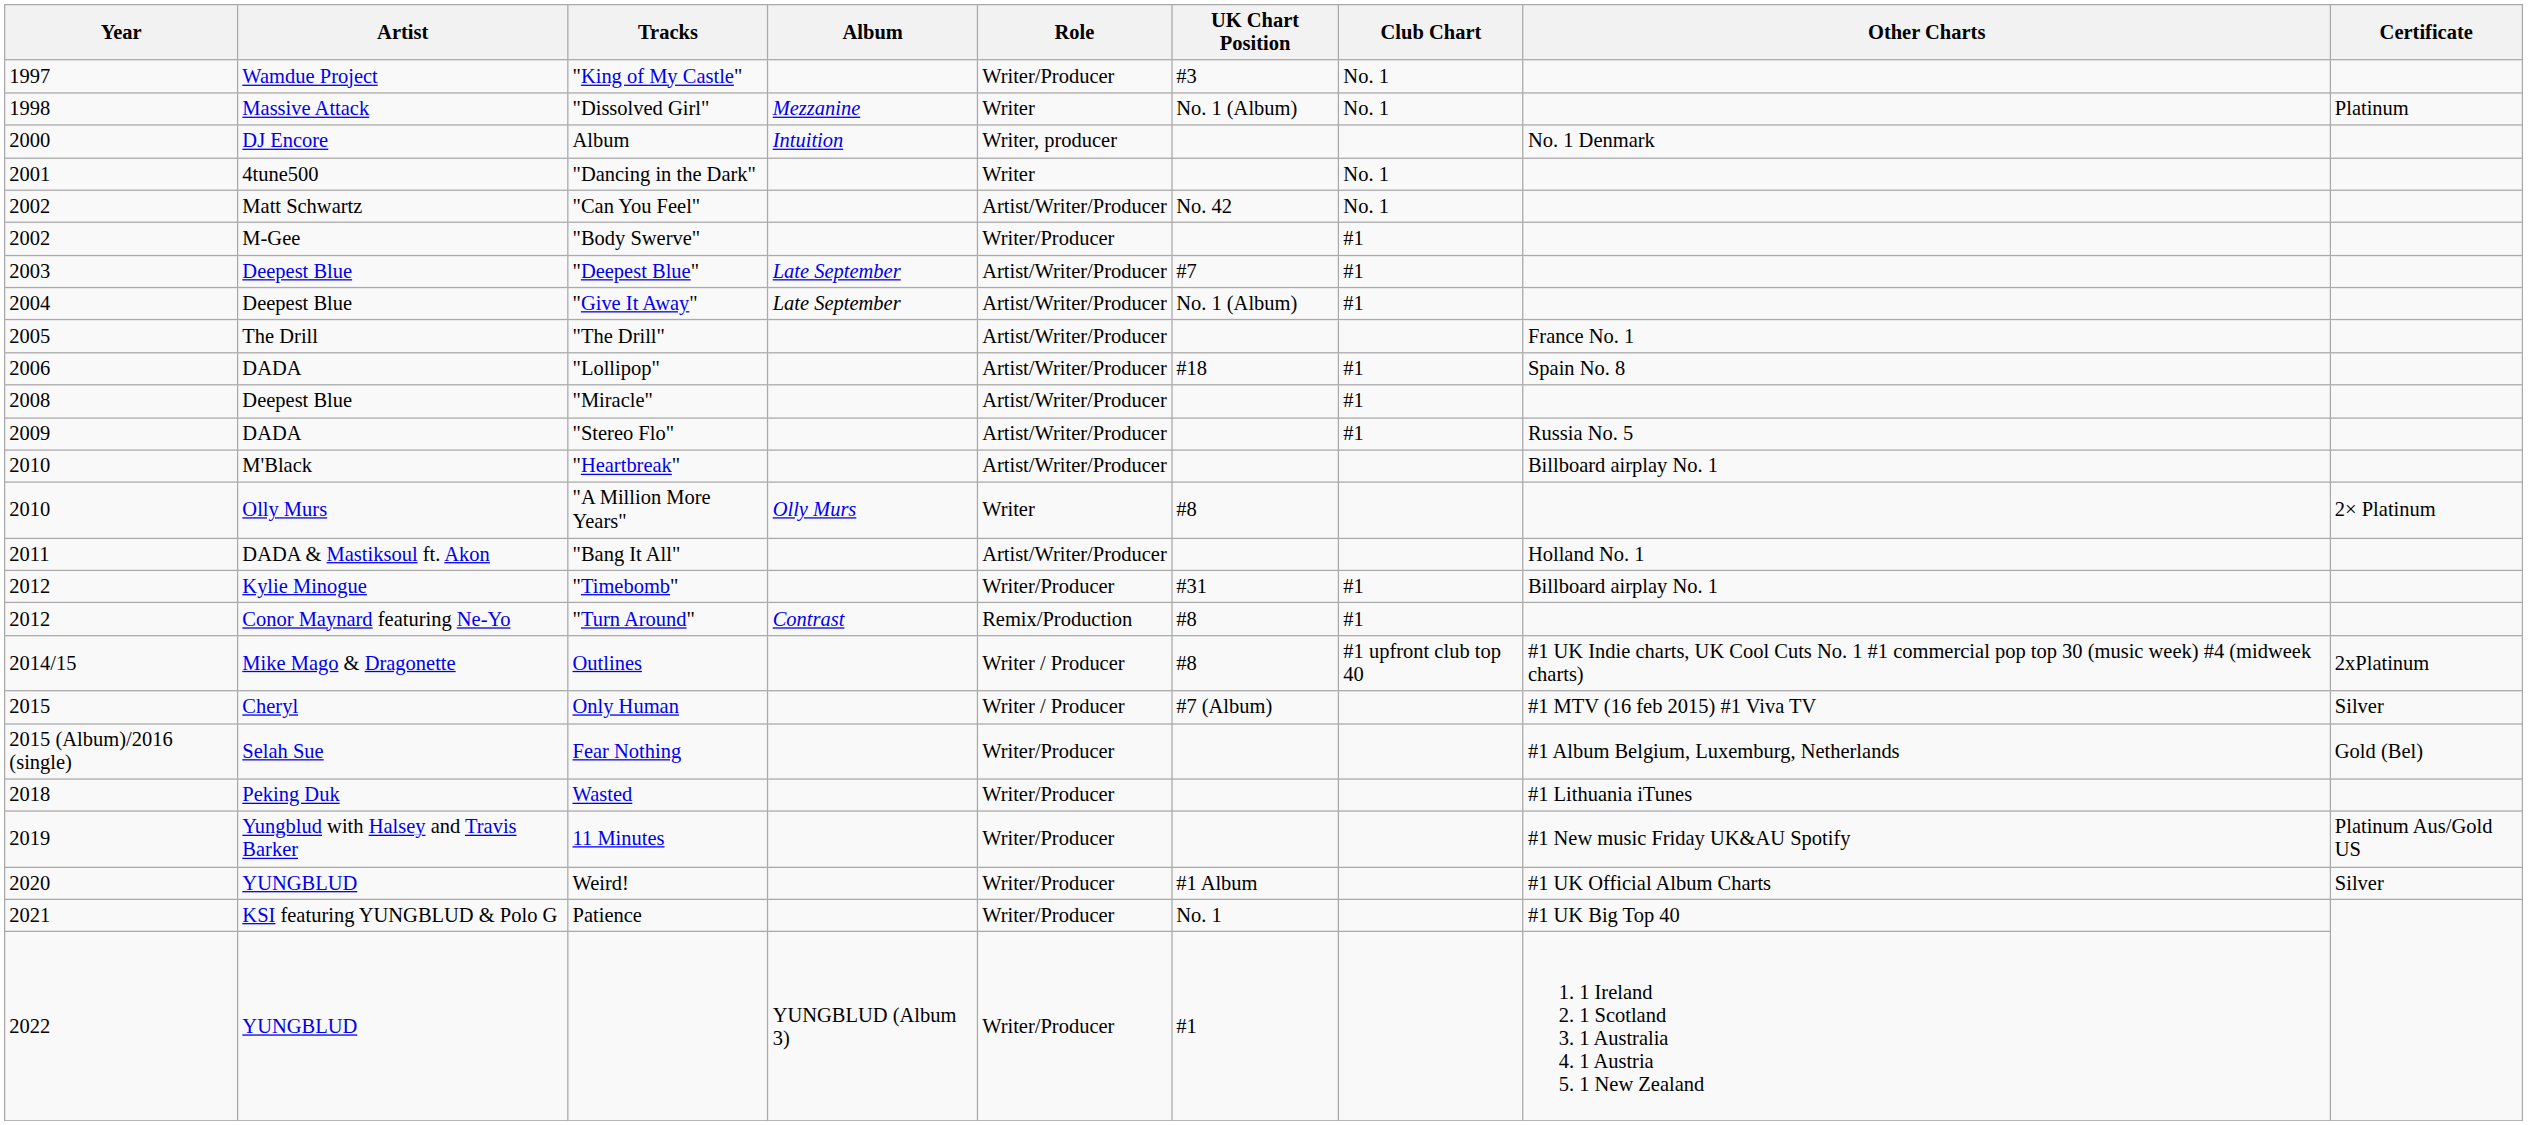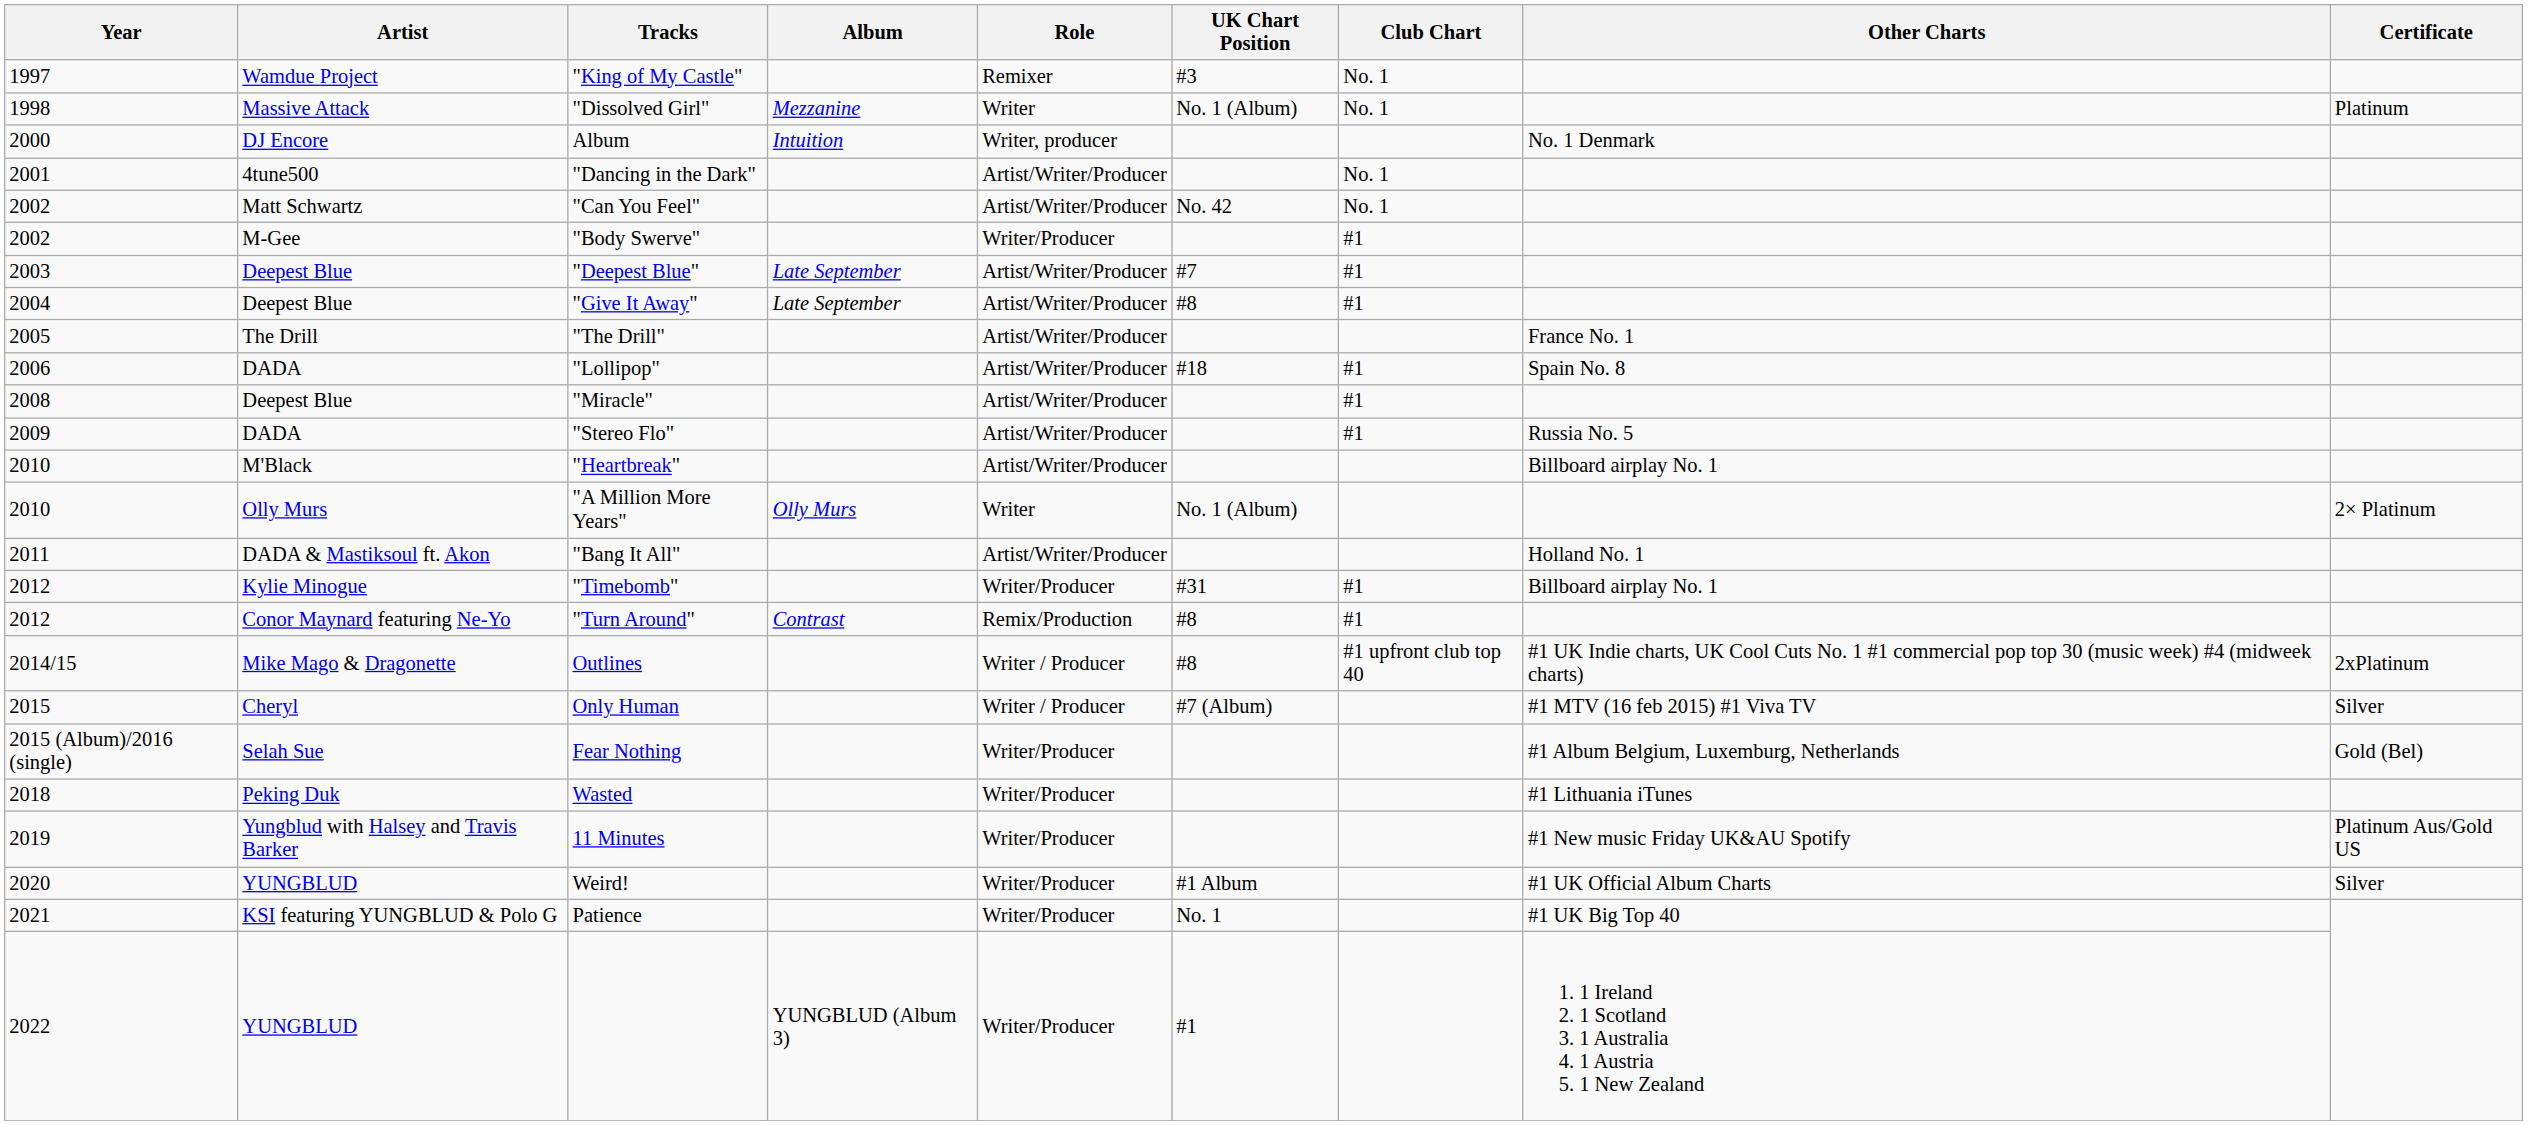 <table class="wikitable" border="2">
 <tr>
 <th>Year</th>
 <th>Artist</th>
 <th>Tracks</th>
 <th>Album</th>
 <th>Role</th>
 <th>UK Chart Position</th>
 <th>Club Chart</th>
 <th>Other Charts</th>
 <th>Certificate</th>
 </tr>
 <tr>
 <td>1997</td>
 <td><a href='#'>Wamdue Project</a></td>
 <td>"<a href='#'>King of My Castle</a>"</td>
 <td></td>
-<td>Writer/Producer</td>
+<td>Remixer</td>
 <td>#3</td>
 <td>No. 1</td>
 <td></td>
 <td></td>
 </tr>
 <tr>
 <td>1998</td>
 <td><a href='#'>Massive Attack</a></td>
 <td>"Dissolved Girl"</td>
 <td><em><a href='#'>Mezzanine</a></em></td>
 <td>Writer</td>
 <td>No. 1 (Album)</td>
 <td>No. 1</td>
 <td></td>
 <td>Platinum</td>
 </tr>
 <tr>
 <td>2000</td>
 <td><a href='#'>DJ Encore</a></td>
 <td>Album</td>
 <td><em><a href='#'>Intuition</a></em></td>
 <td>Writer, producer</td>
 <td></td>
 <td></td>
 <td>No. 1 Denmark</td>
 <td></td>
 </tr>
 <tr>
 <td>2001</td>
 <td>4tune500</td>
 <td>"Dancing in the Dark"</td>
 <td></td>
-<td>Writer</td>
+<td>Artist/Writer/Producer</td>
 <td></td>
 <td>No. 1</td>
 <td></td>
 <td></td>
 </tr>
 <tr>
 <td>2002</td>
 <td>Matt Schwartz</td>
 <td>"Can You Feel"</td>
 <td></td>
 <td>Artist/Writer/Producer</td>
 <td>No. 42</td>
 <td>No. 1</td>
 <td></td>
 <td></td>
 </tr>
 <tr>
 <td>2002</td>
 <td>M-Gee</td>
 <td>"Body Swerve"</td>
 <td></td>
 <td>Writer/Producer</td>
 <td></td>
 <td>#1</td>
 <td></td>
 <td></td>
 </tr>
 <tr>
 <td>2003</td>
 <td><a href='#'>Deepest Blue</a></td>
 <td>"<a href='#'>Deepest Blue</a>"</td>
 <td><em><a href='#'>Late September</a></em></td>
 <td>Artist/Writer/Producer</td>
 <td>#7</td>
 <td>#1</td>
 <td></td>
 <td></td>
 </tr>
 <tr>
 <td>2004</td>
 <td>Deepest Blue</td>
 <td>"<a href='#'>Give It Away</a>"</td>
 <td><em>Late September</em></td>
 <td>Artist/Writer/Producer</td>
-<td>No. 1 (Album)</td>
+<td>#8</td>
 <td>#1</td>
 <td></td>
 <td></td>
 </tr>
 <tr>
 <td>2005</td>
 <td>The Drill</td>
 <td>"The Drill"</td>
 <td></td>
 <td>Artist/Writer/Producer</td>
 <td></td>
 <td></td>
 <td>France No. 1</td>
 <td></td>
 </tr>
 <tr>
 <td>2006</td>
 <td>DADA</td>
 <td>"Lollipop"</td>
 <td></td>
 <td>Artist/Writer/Producer</td>
 <td>#18</td>
 <td>#1</td>
 <td>Spain No. 8</td>
 <td></td>
 </tr>
 <tr>
 <td>2008</td>
 <td>Deepest Blue</td>
 <td>"Miracle"</td>
 <td></td>
 <td>Artist/Writer/Producer</td>
 <td></td>
 <td>#1</td>
 <td></td>
 <td></td>
 </tr>
 <tr>
 <td>2009</td>
 <td>DADA</td>
 <td>"Stereo Flo"</td>
 <td></td>
 <td>Artist/Writer/Producer</td>
 <td></td>
 <td>#1</td>
 <td>Russia No. 5</td>
 <td></td>
 </tr>
 <tr>
 <td>2010</td>
 <td>M'Black</td>
 <td>"<a href='#'>Heartbreak</a>"</td>
 <td></td>
 <td>Artist/Writer/Producer</td>
 <td></td>
 <td></td>
 <td>Billboard airplay No. 1</td>
 <td></td>
 </tr>
 <tr>
 <td>2010</td>
 <td><a href='#'>Olly Murs</a></td>
 <td>"A Million More Years"</td>
 <td><em><a href='#'>Olly Murs</a></em></td>
 <td>Writer</td>
-<td>#8</td>
+<td>No. 1 (Album)</td>
 <td></td>
 <td></td>
 <td>2× Platinum</td>
 </tr>
 <tr>
 <td>2011</td>
 <td>DADA & <a href='#'>Mastiksoul</a> ft. <a href='#'>Akon</a></td>
 <td>"Bang It All"</td>
 <td></td>
 <td>Artist/Writer/Producer</td>
 <td></td>
 <td></td>
 <td>Holland No. 1</td>
 <td></td>
 </tr>
 <tr>
 <td>2012</td>
 <td><a href='#'>Kylie Minogue</a></td>
 <td>"<a href='#'>Timebomb</a>"</td>
 <td></td>
 <td>Writer/Producer</td>
 <td>#31</td>
 <td>#1</td>
 <td>Billboard airplay No. 1</td>
 <td></td>
 </tr>
 <tr>
 <td>2012</td>
 <td><a href='#'>Conor Maynard</a> featuring <a href='#'>Ne-Yo</a></td>
 <td>"<a href='#'>Turn Around</a>"</td>
 <td><em><a href='#'>Contrast</a></em></td>
 <td>Remix/Production</td>
 <td>#8</td>
 <td>#1</td>
 <td></td>
 <td></td>
 </tr>
 <tr>
 <td>2014/15</td>
 <td><a href='#'>Mike Mago</a> & <a href='#'>Dragonette</a></td>
 <td><a href='#'>Outlines</a></td>
 <td></td>
 <td>Writer / Producer</td>
 <td>#8</td>
 <td>#1 upfront club top 40</td>
 <td>#1 UK Indie charts, UK Cool Cuts No. 1 #1 commercial pop top 30 (music week) #4 (midweek charts)</td>
 <td>2xPlatinum</td>
 </tr>
 <tr>
 <td>2015</td>
 <td><a href='#'>Cheryl</a></td>
 <td><a href='#'>Only Human</a></td>
 <td></td>
 <td>Writer / Producer</td>
 <td>#7  (Album)</td>
 <td></td>
 <td>#1 MTV (16 feb 2015) #1 Viva TV</td>
 <td>Silver</td>
 </tr>
 <tr>
 <td>2015 (Album)/2016 (single)</td>
 <td><a href='#'>Selah Sue</a></td>
 <td><a href='#'>Fear Nothing</a></td>
 <td></td>
 <td>Writer/Producer</td>
 <td></td>
 <td></td>
 <td>#1 Album Belgium, Luxemburg, Netherlands</td>
 <td>Gold (Bel)</td>
 </tr>
 <tr>
 <td>2018</td>
 <td><a href='#'>Peking Duk</a></td>
 <td><a href='#'>Wasted</a></td>
 <td></td>
 <td>Writer/Producer</td>
 <td></td>
 <td></td>
 <td>#1 Lithuania iTunes</td>
 <td></td>
 </tr>
 <tr>
 <td>2019</td>
 <td><a href='#'>Yungblud</a> with <a href='#'>Halsey</a> and <a href='#'>Travis Barker</a></td>
 <td><a href='#'>11 Minutes</a></td>
 <td></td>
 <td>Writer/Producer</td>
 <td></td>
 <td></td>
 <td>#1 New music Friday UK&AU Spotify</td>
 <td>Platinum Aus/Gold US</td>
 </tr>
 <tr>
 <td>2020</td>
 <td><a href='#'>YUNGBLUD</a></td>
 <td>Weird!</td>
 <td></td>
 <td>Writer/Producer</td>
 <td>#1 Album</td>
 <td></td>
 <td>#1 UK Official Album Charts</td>
 <td>Silver</td>
 </tr>
 <tr>
 <td>2021</td>
 <td><a href='#'>KSI</a> featuring YUNGBLUD & Polo G</td>
 <td>Patience</td>
 <td></td>
 <td>Writer/Producer</td>
 <td>No. 1</td>
 <td></td>
 <td>#1 UK Big Top 40</td>
 </tr>
 <tr>
 <td>2022</td>
 <td><a href='#'>YUNGBLUD</a></td>
 <td></td>
 <td>YUNGBLUD (Album 3)</td>
 <td>Writer/Producer</td>
 <td>#1 </td>
 <td></td>
 <td><br><ol><li>1 Ireland </li><li>1 Scotland </li><li>1 Australia </li><li>1 Austria </li><li>1 New Zealand </li></ol></td>
 </tr>
 </table>
